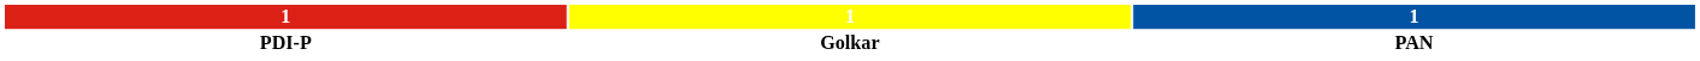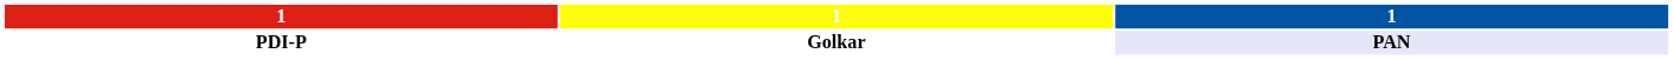 <table style="width:88%; text-align:center;">
 <tr style="color:white;">
 <td style="background:#DB2016; width:33%;"><strong>1</strong></td>
 <td style="background:#FFFF00; width:33%;"><strong>1</strong></td>
 <td style="background:#0054A3; width:33%;"><strong>1</strong></td>
 </tr>
 <tr>
 <td><span><strong>PDI-P</strong></span></td>
 <td><span><strong>Golkar</strong></span></td>
-<td><span><strong>PAN</strong></span></td>
+<td style="background: lavender;"><span><strong>PAN</strong></span></td>
 </tr>
 </table>
